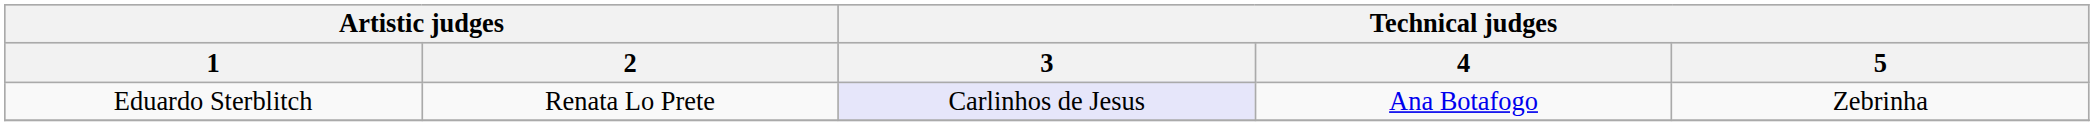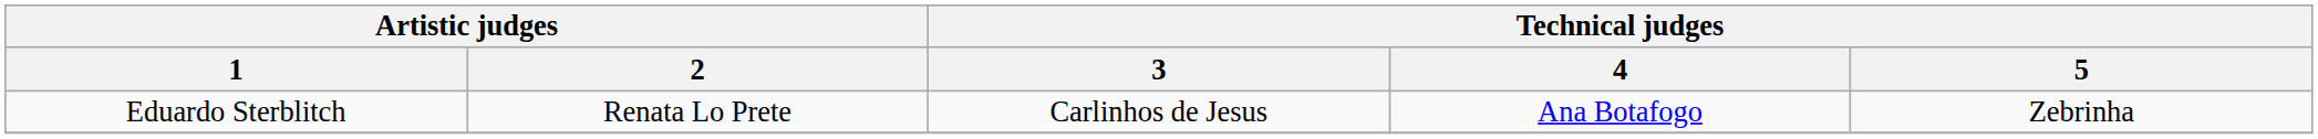 <table class="wikitable" style="font-size:100%; line-height:16px; text-align:center" width="100%">
 <tr>
 <th colspan=2>Artistic judges</th>
 <th colspan=3>Technical judges</th>
 </tr>
 <tr>
 <th width="20.0%">1</th>
 <th width="20.0%">2</th>
 <th width="20.0%">3</th>
 <th width="20.0%">4</th>
 <th width="20.0%">5</th>
 </tr>
 <tr>
 <td>Eduardo Sterblitch</td>
 <td>Renata Lo Prete</td>
-<td style="background: lavender;">Carlinhos de Jesus</td>
+<td>Carlinhos de Jesus</td>
 <td><a href='#'>Ana Botafogo</a></td>
 <td>Zebrinha</td>
 </tr>
 <tr>
 </tr>
 </table>
